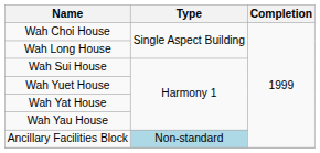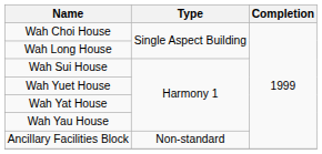 <table class="wikitable" style="text-align: center">
 <tr>
 <th>Name</th>
 <th>Type</th>
 <th>Completion</th>
 </tr>
 <tr>
 <td>Wah Choi House</td>
 <td rowspan="2">Single Aspect Building</td>
 <td rowspan="7">1999</td>
 </tr>
 <tr>
 <td>Wah Long House</td>
 </tr>
 <tr>
 <td>Wah Sui House</td>
 <td rowspan="4">Harmony 1</td>
 </tr>
 <tr>
 <td>Wah Yuet House</td>
 </tr>
 <tr>
 <td>Wah Yat House</td>
 </tr>
 <tr>
 <td>Wah Yau House</td>
 </tr>
 <tr>
 <td>Ancillary Facilities Block</td>
-<td rowspan="1" style="background: lightblue;">Non-standard</td>
+<td rowspan="1">Non-standard</td>
 </tr>
 <tr>
 </tr>
 </table>
